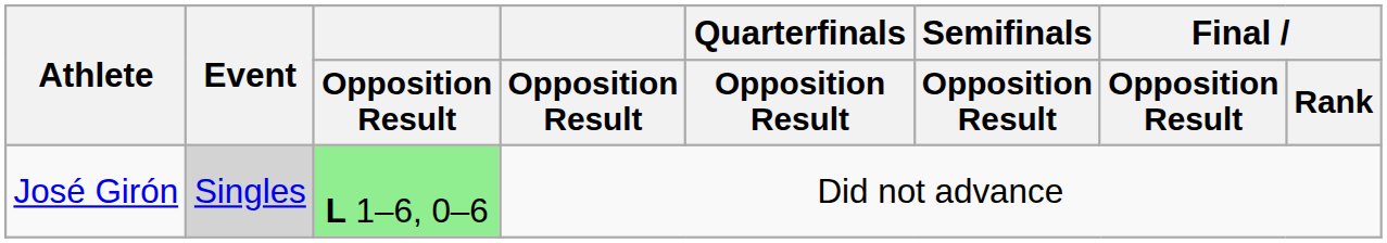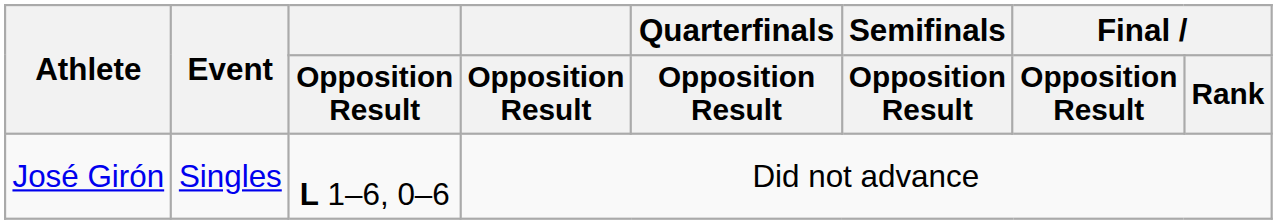 <table class="wikitable" style="font-size:90%;">
 <tr>
 <th rowspan=2>Athlete</th>
 <th rowspan=2>Event</th>
 <th></th>
 <th></th>
 <th>Quarterfinals</th>
 <th>Semifinals</th>
 <th colspan=2>Final / </th>
 </tr>
 <tr style="font-size:95%">
 <th>Opposition<br>Result</th>
 <th>Opposition<br>Result</th>
 <th>Opposition<br>Result</th>
 <th>Opposition<br>Result</th>
 <th>Opposition<br>Result</th>
 <th>Rank</th>
 </tr>
 <tr align=center>
 <td align=left><a href='#'>José Girón</a></td>
-<td align=left style="background: lightgrey;"><a href='#'>Singles</a></td>
-<td style="background: lightgreen;"><br><strong>L</strong> 1–6, 0–6</td>
+<td align=left><a href='#'>Singles</a></td>
+<td><br><strong>L</strong> 1–6, 0–6</td>
 <td colspan=5>Did not advance</td>
 </tr>
 </table>
